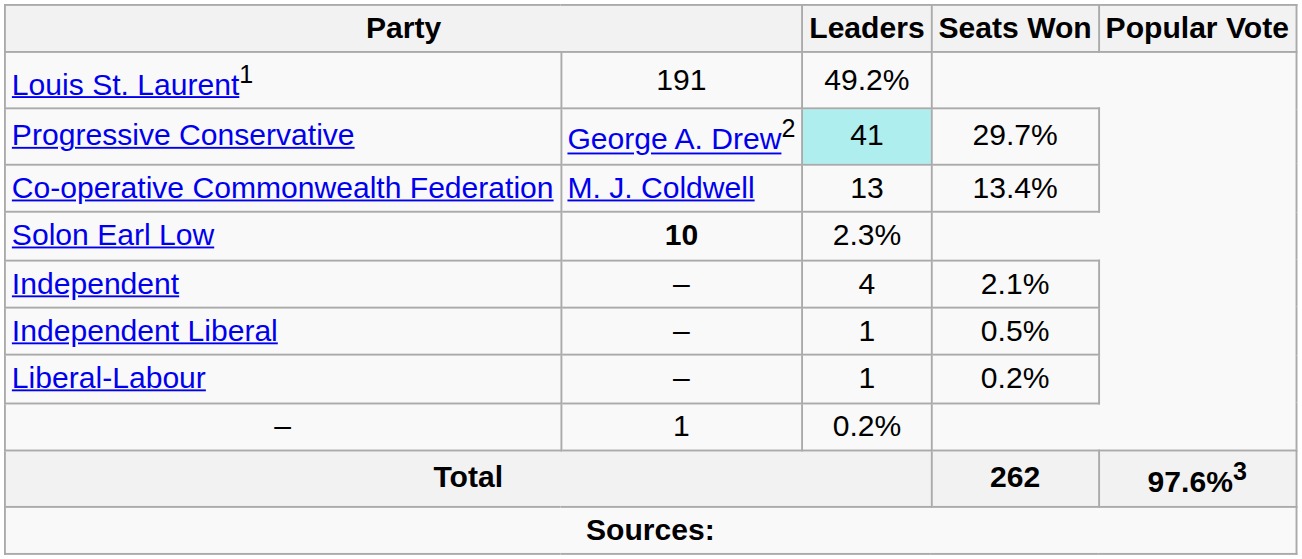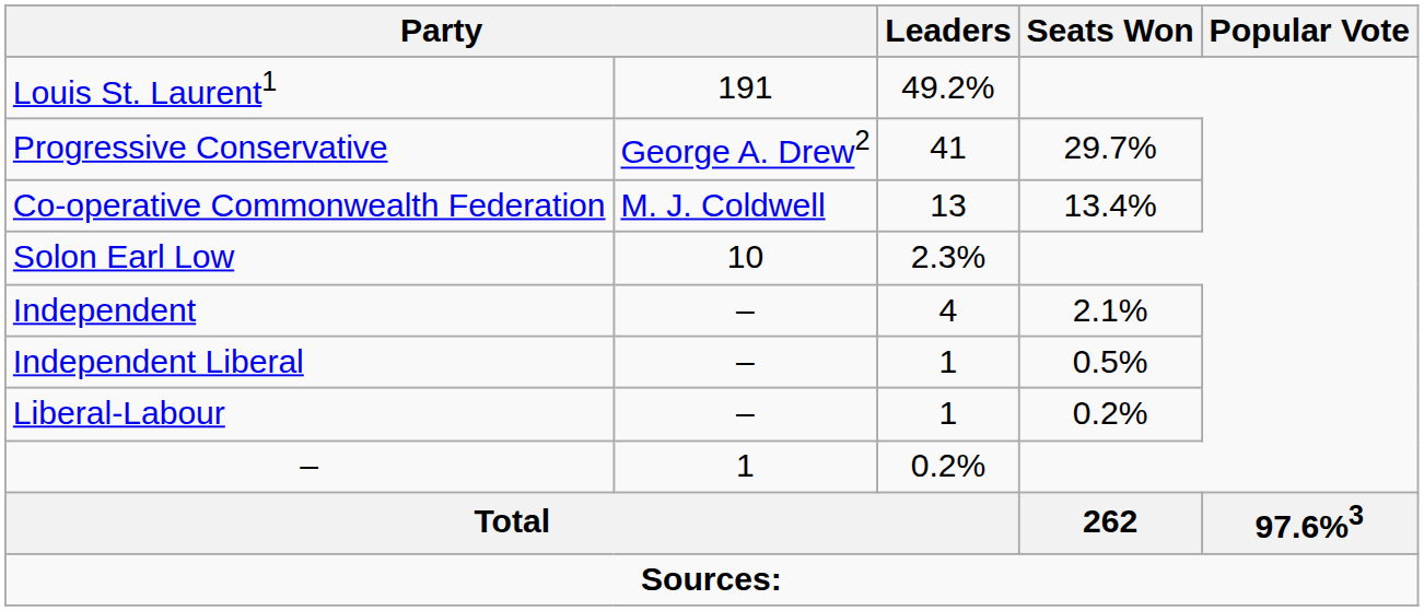 <table class="wikitable">
 <tr>
 <th colspan="2">Party</th>
 <th>Leaders</th>
 <th>Seats Won</th>
 <th>Popular Vote</th>
 </tr>
 <tr>
 <td><a href='#'>Louis St. Laurent</a><sup>1</sup></td>
 <td align=center>191</td>
 <td align=center>49.2%</td>
 </tr>
 <tr>
 <td><a href='#'>Progressive Conservative</a></td>
 <td><a href='#'>George A. Drew</a><sup>2</sup></td>
-<td align=center style="background: paleturquoise;">41</td>
+<td align=center>41</td>
 <td align=center>29.7%</td>
 </tr>
 <tr>
 <td><a href='#'>Co-operative Commonwealth Federation</a></td>
 <td><a href='#'>M. J. Coldwell</a></td>
 <td align=center>13</td>
 <td align=center>13.4%</td>
 </tr>
 <tr>
 <td><a href='#'>Solon Earl Low</a></td>
-<td align=center><strong>10</strong></td>
+<td align=center>10</td>
 <td align=center>2.3%</td>
 </tr>
 <tr>
 <td><a href='#'>Independent</a></td>
 <td align=center>–</td>
 <td align=center>4</td>
 <td align=center>2.1%</td>
 </tr>
 <tr>
 <td><a href='#'>Independent Liberal</a></td>
 <td align=center>–</td>
 <td align=center>1</td>
 <td align=center>0.5%</td>
 </tr>
 <tr>
 <td><a href='#'>Liberal-Labour</a></td>
 <td align=center>–</td>
 <td align=center>1</td>
 <td align=center>0.2%</td>
 </tr>
 <tr>
 <td align=center>–</td>
 <td align=center>1</td>
 <td align=center>0.2%</td>
 </tr>
 <tr>
 <th colspan=3 align=left>Total</th>
 <th align=center>262</th>
 <th align=center>97.6%<sup>3</sup></th>
 </tr>
 <tr>
 <td align="center" colspan=5><strong>Sources:</strong> </td>
 </tr>
 </table>
